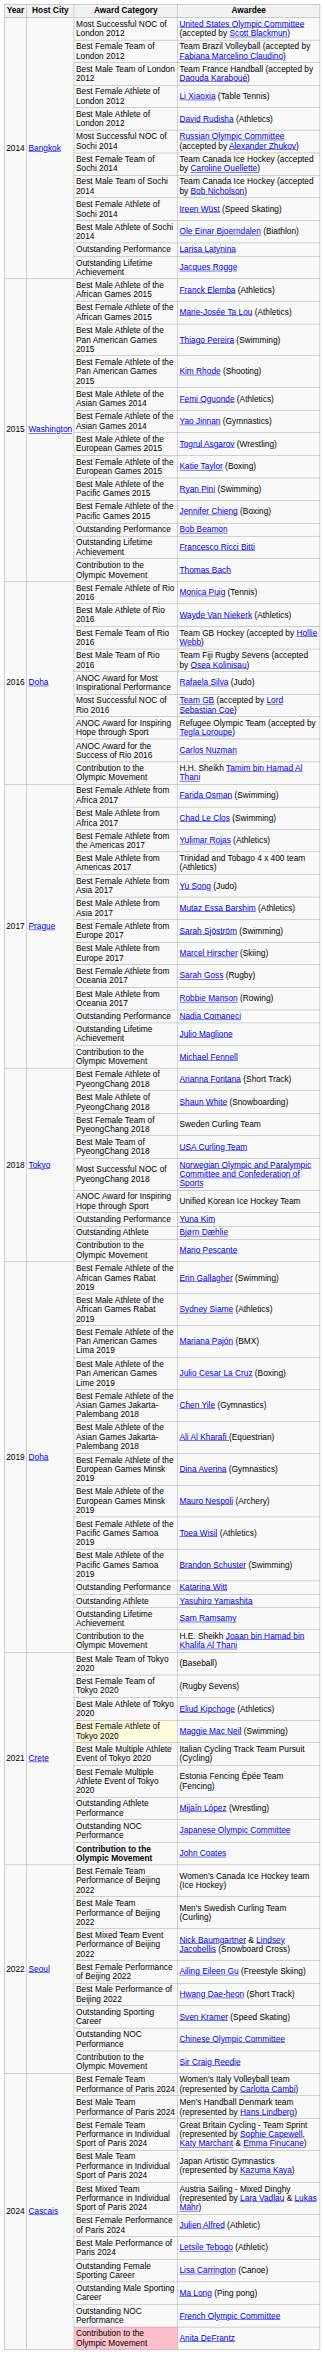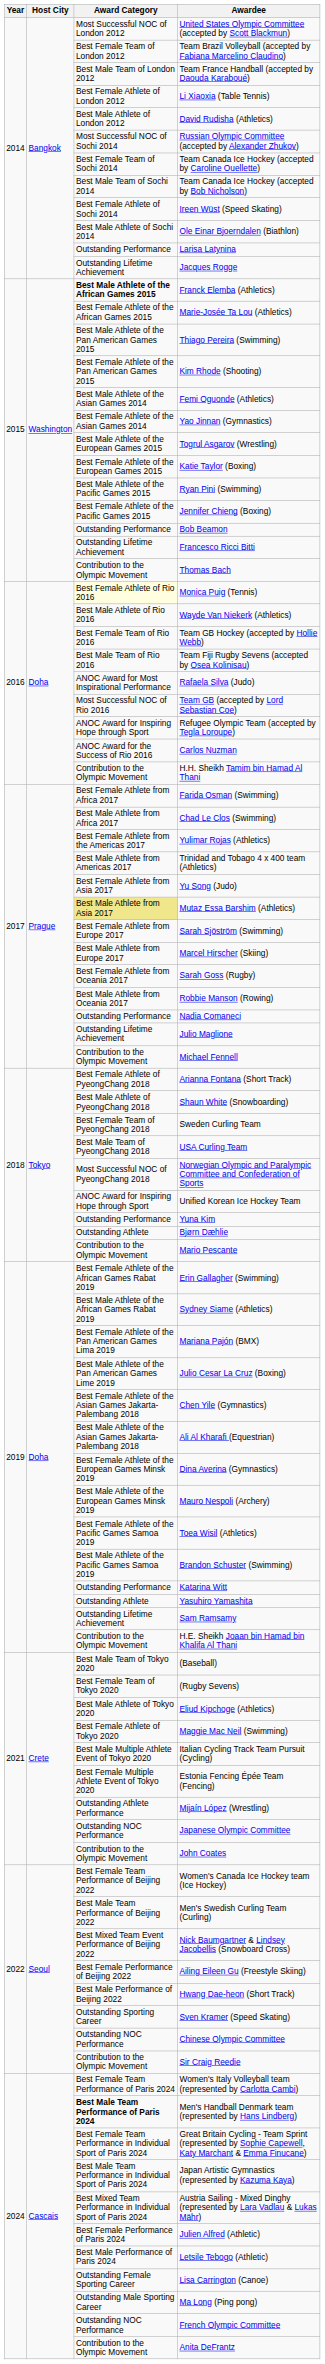 <table class="wikitable sortable">
 <tr class="background-color:#cccccc">
 <th>Year</th>
 <th>Host City</th>
 <th>Award Category</th>
 <th>Awardee</th>
 </tr>
 <tr>
 <td rowspan="12">2014</td>
 <td rowspan="12"><a href='#'>Bangkok</a></td>
 <td>Most Successful NOC of London 2012</td>
 <td> <a href='#'>United States Olympic Committee</a> (accepted by <a href='#'>Scott Blackmun</a>)</td>
 </tr>
 <tr>
 <td>Best Female Team of London 2012</td>
 <td> Team Brazil Volleyball (accepted by <a href='#'>Fabiana Marcelino Claudino</a>)</td>
 </tr>
 <tr>
 <td>Best Male Team of London 2012</td>
 <td> Team France Handball (accepted by <a href='#'>Daouda Karaboué</a>)</td>
 </tr>
 <tr>
 <td>Best Female Athlete of London 2012</td>
 <td> <a href='#'>Li Xiaoxia</a> (Table Tennis)</td>
 </tr>
 <tr>
 <td>Best Male Athlete of London 2012</td>
 <td> <a href='#'>David Rudisha</a> (Athletics)</td>
 </tr>
 <tr>
 <td>Most Successful NOC of Sochi 2014</td>
 <td> <a href='#'>Russian Olympic Committee</a> (accepted by <a href='#'>Alexander Zhukov</a>)</td>
 </tr>
 <tr>
 <td>Best Female Team of Sochi 2014</td>
 <td> Team Canada Ice Hockey (accepted by <a href='#'>Caroline Ouellette</a>)</td>
 </tr>
 <tr>
 <td>Best Male Team of Sochi 2014</td>
 <td> Team Canada Ice Hockey (accepted by <a href='#'>Bob Nicholson</a>)</td>
 </tr>
 <tr>
 <td>Best Female Athlete of Sochi 2014</td>
 <td> <a href='#'>Ireen Wüst</a> (Speed Skating)</td>
 </tr>
 <tr>
 <td>Best Male Athlete of Sochi 2014</td>
 <td> <a href='#'>Ole Einar Bjoerndalen</a> (Biathlon)</td>
 </tr>
 <tr>
 <td>Outstanding Performance</td>
 <td> <a href='#'>Larisa Latynina</a></td>
 </tr>
 <tr>
 <td>Outstanding Lifetime Achievement</td>
 <td> <a href='#'>Jacques Rogge</a></td>
 </tr>
 <tr>
 <td rowspan="13">2015</td>
 <td rowspan="13"><a href='#'>Washington</a></td>
-<td>Best Male Athlete of the African Games 2015</td>
+<td><strong>Best Male Athlete of the African Games 2015</strong></td>
 <td> <a href='#'>Franck Elemba</a> (Athletics)</td>
 </tr>
 <tr>
 <td>Best Female Athlete of the African Games 2015</td>
 <td> <a href='#'>Marie-Josée Ta Lou</a> (Athletics)</td>
 </tr>
 <tr>
 <td>Best Male Athlete of the Pan American Games 2015</td>
 <td> <a href='#'>Thiago Pereira</a> (Swimming)</td>
 </tr>
 <tr>
 <td>Best Female Athlete of the Pan American Games 2015</td>
 <td> <a href='#'>Kim Rhode</a> (Shooting)</td>
 </tr>
 <tr>
 <td>Best Male Athlete of the Asian Games 2014</td>
 <td> <a href='#'>Femi Oguonde</a> (Athletics)</td>
 </tr>
 <tr>
 <td>Best Female Athlete of the Asian Games 2014</td>
 <td> <a href='#'>Yao Jinnan</a> (Gymnastics)</td>
 </tr>
 <tr>
 <td>Best Male Athlete of the European Games 2015</td>
 <td> <a href='#'>Togrul Asgarov</a> (Wrestling)</td>
 </tr>
 <tr>
 <td>Best Female Athlete of the European Games 2015</td>
 <td> <a href='#'>Katie Taylor</a> (Boxing)</td>
 </tr>
 <tr>
 <td>Best Male Athlete of the Pacific Games 2015</td>
 <td> <a href='#'>Ryan Pini</a> (Swimming)</td>
 </tr>
 <tr>
 <td>Best Female Athlete of the Pacific Games 2015</td>
 <td> <a href='#'>Jennifer Chieng</a> (Boxing)</td>
 </tr>
 <tr>
 <td>Outstanding Performance</td>
 <td> <a href='#'>Bob Beamon</a></td>
 </tr>
 <tr>
 <td>Outstanding Lifetime Achievement</td>
 <td> <a href='#'>Francesco Ricci Bitti</a></td>
 </tr>
 <tr>
 <td>Contribution to the Olympic Movement</td>
 <td> <a href='#'>Thomas Bach</a></td>
 </tr>
 <tr>
 <td rowspan="9">2016</td>
 <td rowspan="9"><a href='#'>Doha</a></td>
-<td>Best Female Athlete of Rio 2016</td>
+<td style="background: lightyellow;">Best Female Athlete of Rio 2016</td>
 <td> <a href='#'>Monica Puig</a> (Tennis)</td>
 </tr>
 <tr>
 <td>Best Male Athlete of Rio 2016</td>
 <td> <a href='#'>Wayde Van Niekerk</a> (Athletics)</td>
 </tr>
 <tr>
 <td>Best Female Team of Rio 2016</td>
 <td> Team GB Hockey (accepted by <a href='#'>Hollie Webb</a>)</td>
 </tr>
 <tr>
 <td>Best Male Team of Rio 2016</td>
 <td> Team Fiji Rugby Sevens (accepted by <a href='#'>Osea Kolinisau</a>)</td>
 </tr>
 <tr>
 <td>ANOC Award for Most Inspirational Performance</td>
 <td> <a href='#'>Rafaela Silva</a> (Judo)</td>
 </tr>
 <tr>
 <td>Most Successful NOC of Rio 2016</td>
 <td> <a href='#'>Team GB</a> (accepted by <a href='#'>Lord Sebastian Coe</a>)</td>
 </tr>
 <tr>
 <td>ANOC Award for Inspiring Hope through Sport</td>
 <td> Refugee Olympic Team (accepted by <a href='#'>Tegla Loroupe</a>)</td>
 </tr>
 <tr>
 <td>ANOC Award for the Success of Rio 2016</td>
 <td> <a href='#'>Carlos Nuzman</a></td>
 </tr>
 <tr>
 <td>Contribution to the Olympic Movement</td>
 <td> H.H. Sheikh <a href='#'>Tamim bin Hamad Al Thani</a></td>
 </tr>
 <tr>
 <td rowspan="13">2017</td>
 <td rowspan="13"><a href='#'>Prague</a></td>
 <td>Best Female Athlete from Africa 2017</td>
 <td> <a href='#'>Farida Osman</a> (Swimming)</td>
 </tr>
 <tr>
 <td>Best Male Athlete from Africa 2017</td>
 <td> <a href='#'>Chad Le Clos</a> (Swimming)</td>
 </tr>
 <tr>
 <td>Best Female Athlete from the Americas 2017</td>
 <td> <a href='#'>Yulimar Rojas</a> (Athletics)</td>
 </tr>
 <tr>
 <td>Best Male Athlete from Americas 2017</td>
 <td> Trinidad and Tobago 4 x 400 team (Athletics)</td>
 </tr>
 <tr>
 <td>Best Female Athlete from Asia 2017</td>
 <td> <a href='#'>Yu Song</a> (Judo)</td>
 </tr>
 <tr>
-<td>Best Male Athlete from Asia 2017</td>
+<td style="background: khaki;">Best Male Athlete from Asia 2017</td>
 <td> <a href='#'>Mutaz Essa Barshim</a> (Athletics)</td>
 </tr>
 <tr>
 <td>Best Female Athlete from Europe 2017</td>
 <td> <a href='#'>Sarah Sjöström</a> (Swimming)</td>
 </tr>
 <tr>
 <td>Best Male Athlete from Europe 2017</td>
 <td> <a href='#'>Marcel Hirscher</a> (Skiing)</td>
 </tr>
 <tr>
 <td>Best Female Athlete from Oceania 2017</td>
 <td> <a href='#'>Sarah Goss</a> (Rugby)</td>
 </tr>
 <tr>
 <td>Best Male Athlete from Oceania 2017</td>
 <td> <a href='#'>Robbie Manson</a> (Rowing)</td>
 </tr>
 <tr>
 <td>Outstanding Performance</td>
 <td> <a href='#'>Nadia Comaneci</a></td>
 </tr>
 <tr>
 <td>Outstanding Lifetime Achievement</td>
 <td> <a href='#'>Julio Maglione</a></td>
 </tr>
 <tr>
 <td>Contribution to the Olympic Movement</td>
 <td> <a href='#'>Michael Fennell</a></td>
 </tr>
 <tr>
 <td rowspan="9">2018</td>
 <td rowspan="9"><a href='#'>Tokyo</a></td>
 <td>Best Female Athlete of PyeongChang 2018</td>
 <td> <a href='#'>Arianna Fontana</a> (Short Track)</td>
 </tr>
 <tr>
 <td>Best Male Athlete of PyeongChang 2018</td>
 <td> <a href='#'>Shaun White</a> (Snowboarding)</td>
 </tr>
 <tr>
 <td>Best Female Team of PyeongChang 2018</td>
 <td> Sweden Curling Team</td>
 </tr>
 <tr>
 <td>Best Male Team of PyeongChang 2018</td>
 <td> <a href='#'>USA Curling Team</a></td>
 </tr>
 <tr>
 <td>Most Successful NOC of PyeongChang 2018</td>
 <td> <a href='#'>Norwegian Olympic and Paralympic Committee and Confederation of Sports</a></td>
 </tr>
 <tr>
 <td>ANOC Award for Inspiring Hope through Sport</td>
 <td> Unified Korean Ice Hockey Team</td>
 </tr>
 <tr>
 <td>Outstanding Performance</td>
 <td> <a href='#'>Yuna Kim</a></td>
 </tr>
 <tr>
 <td>Outstanding Athlete</td>
 <td> <a href='#'>Bjørn Dæhlie</a></td>
 </tr>
 <tr>
 <td>Contribution to the Olympic Movement</td>
 <td> <a href='#'>Mario Pescante</a></td>
 </tr>
 <tr>
 <td rowspan="14">2019</td>
 <td rowspan="14"><a href='#'>Doha</a></td>
 <td>Best Female Athlete of the African Games Rabat 2019</td>
 <td> <a href='#'>Erin Gallagher</a> (Swimming)</td>
 </tr>
 <tr>
 <td>Best Male Athlete of the African Games Rabat 2019</td>
 <td> <a href='#'>Sydney Siame</a> (Athletics)</td>
 </tr>
 <tr>
 <td>Best Female Athlete of the Pan American Games Lima 2019</td>
 <td> <a href='#'>Mariana Pajón</a> (BMX)</td>
 </tr>
 <tr>
 <td>Best Male Athlete of the Pan American Games Lime 2019</td>
 <td> <a href='#'>Julio Cesar La Cruz</a> (Boxing)</td>
 </tr>
 <tr>
 <td>Best Female Athlete of the Asian Games Jakarta-Palembang 2018</td>
 <td> <a href='#'>Chen Yile</a> (Gymnastics)</td>
 </tr>
 <tr>
 <td>Best Male Athlete of the Asian Games Jakarta-Palembang 2018</td>
 <td> <a href='#'>Ali Al Kharafi </a> (Equestrian)</td>
 </tr>
 <tr>
 <td>Best Female Athlete of the European Games Minsk 2019</td>
 <td> <a href='#'>Dina Averina</a> (Gymnastics)</td>
 </tr>
 <tr>
 <td>Best Male Athlete of the European Games Minsk 2019</td>
 <td> <a href='#'>Mauro Nespoli</a> (Archery)</td>
 </tr>
 <tr>
 <td>Best Female Athlete of the Pacific Games Samoa 2019</td>
 <td> <a href='#'>Toea Wisil</a> (Athletics)</td>
 </tr>
 <tr>
 <td>Best Male Athlete of the Pacific Games Samoa 2019</td>
 <td> <a href='#'>Brandon Schuster</a> (Swimming)</td>
 </tr>
 <tr>
 <td>Outstanding Performance</td>
 <td> <a href='#'>Katarina Witt</a></td>
 </tr>
 <tr>
 <td>Outstanding Athlete</td>
 <td> <a href='#'>Yasuhiro Yamashita</a></td>
 </tr>
 <tr>
 <td>Outstanding Lifetime Achievement</td>
 <td> <a href='#'>Sam Ramsamy</a></td>
 </tr>
 <tr>
 <td>Contribution to the Olympic Movement</td>
 <td> H.E. Sheikh <a href='#'>Joaan bin Hamad bin Khalifa Al Thani</a></td>
 </tr>
 <tr>
 <td rowspan="9">2021</td>
 <td rowspan="9"><a href='#'>Crete</a></td>
 <td>Best Male Team of Tokyo 2020</td>
 <td> (Baseball)</td>
 </tr>
 <tr>
 <td>Best Female Team of Tokyo 2020</td>
 <td> (Rugby Sevens)</td>
 </tr>
 <tr>
 <td>Best Male Athlete of Tokyo 2020</td>
 <td> <a href='#'>Eliud Kipchoge</a> (Athletics)</td>
 </tr>
 <tr>
-<td style="background: lightyellow;">Best Female Athlete of Tokyo 2020</td>
+<td>Best Female Athlete of Tokyo 2020</td>
 <td> <a href='#'>Maggie Mac Neil</a> (Swimming)</td>
 </tr>
 <tr>
 <td>Best Male Multiple Athlete Event of Tokyo 2020</td>
 <td> Italian Cycling Track Team Pursuit (Cycling)</td>
 </tr>
 <tr>
 <td>Best Female Multiple Athlete Event of Tokyo 2020</td>
 <td> Estonia Fencing Épée Team (Fencing)</td>
 </tr>
 <tr>
 <td>Outstanding Athlete Performance</td>
 <td> <a href='#'>Mijaín López</a> (Wrestling)</td>
 </tr>
 <tr>
 <td>Outstanding NOC Performance</td>
 <td> <a href='#'>Japanese Olympic Committee</a></td>
 </tr>
 <tr>
-<td><strong>Contribution to the Olympic Movement</strong></td>
+<td>Contribution to the Olympic Movement</td>
 <td> <a href='#'>John Coates</a></td>
 </tr>
 <tr>
 <td rowspan="8">2022</td>
 <td rowspan="8"><a href='#'>Seoul</a></td>
 <td>Best Female Team Performance of Beijing 2022</td>
 <td> Women's Canada Ice Hockey team (Ice Hockey)</td>
 </tr>
 <tr>
 <td>Best Male Team Performance of Beijing 2022</td>
 <td> Men's Swedish Curling Team (Curling)</td>
 </tr>
 <tr>
 <td>Best Mixed Team Event Performance of Beijing 2022</td>
 <td> <a href='#'>Nick Baumgartner</a> & <a href='#'>Lindsey Jacobellis</a> (Snowboard Cross)</td>
 </tr>
 <tr>
 <td>Best Female Performance of Beijing 2022</td>
 <td> <a href='#'>Ailing Eileen Gu</a> (Freestyle Skiing)</td>
 </tr>
 <tr>
 <td>Best Male Performance of Beijing 2022</td>
 <td> <a href='#'>Hwang Dae-heon</a> (Short Track)</td>
 </tr>
 <tr>
 <td>Outstanding Sporting Career</td>
 <td> <a href='#'>Sven Kramer</a> (Speed Skating)</td>
 </tr>
 <tr>
 <td>Outstanding NOC Performance</td>
 <td> <a href='#'>Chinese Olympic Committee</a></td>
 </tr>
 <tr>
 <td>Contribution to the Olympic Movement</td>
 <td> <a href='#'>Sir Craig Reedie</a></td>
 </tr>
 <tr>
 <td rowspan="11">2024</td>
 <td rowspan="11"><a href='#'>Cascais</a></td>
 <td>Best Female Team Performance of Paris 2024</td>
 <td> Women's Italy Volleyball team (represented by <a href='#'>Carlotta Cambi</a>)</td>
 </tr>
 <tr>
-<td>Best Male Team Performance of Paris 2024</td>
+<td><strong>Best Male Team Performance of Paris 2024</strong></td>
 <td> Men's Handball Denmark team (represented by <a href='#'>Hans Lindberg</a>)</td>
 </tr>
 <tr>
 <td>Best Female Team Performance in Individual Sport of Paris 2024</td>
 <td> Great Britain Cycling - Team Sprint (represented by <a href='#'>Sophie Capewell</a>, <a href='#'>Katy Marchant</a> & <a href='#'>Emma Finucane</a>)</td>
 </tr>
 <tr>
 <td>Best Male Team Performance in Individual Sport of Paris 2024</td>
 <td> Japan Artistic Gymnastics (represented by <a href='#'>Kazuma Kaya</a>)</td>
 </tr>
 <tr>
 <td>Best Mixed Team Performance in Individual Sport of Paris 2024</td>
 <td> Austria Sailing - Mixed Dinghy (represented by <a href='#'>Lara Vadlau</a> & <a href='#'>Lukas Mähr</a>)</td>
 </tr>
 <tr>
 <td>Best Female Performance of Paris 2024</td>
 <td> <a href='#'>Julien Alfred</a> (Athletic)</td>
 </tr>
 <tr>
 <td>Best Male Performance of Paris 2024</td>
 <td> <a href='#'>Letsile Tebogo</a> (Athletic)</td>
 </tr>
 <tr>
 <td>Outstanding Female Sporting Career</td>
 <td> <a href='#'>Lisa Carrington</a> (Canoe)</td>
 </tr>
 <tr>
 <td>Outstanding Male Sporting Career</td>
 <td> <a href='#'>Ma Long</a> (Ping pong)</td>
 </tr>
 <tr>
 <td>Outstanding NOC Performance</td>
 <td> <a href='#'>French Olympic Committee</a></td>
 </tr>
 <tr>
-<td style="background: pink;">Contribution to the Olympic Movement</td>
+<td>Contribution to the Olympic Movement</td>
 <td> <a href='#'>Anita DeFrantz</a></td>
 </tr>
 </table>
